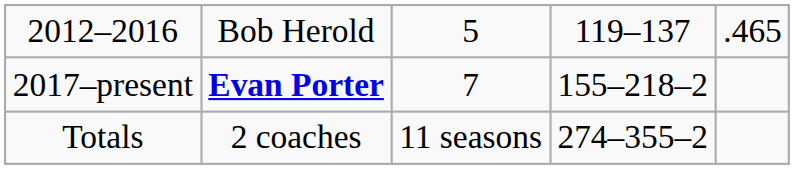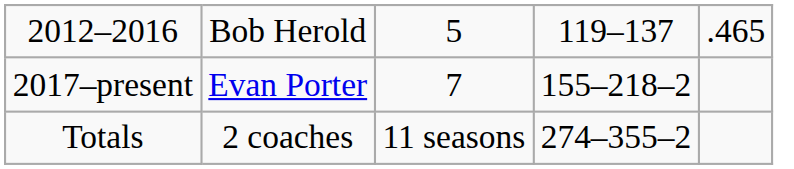 <table class="wikitable" style="text-align:center">
 <tr>
 <td>2012–2016</td>
 <td>Bob Herold</td>
 <td>5</td>
 <td>119–137</td>
 <td>.465</td>
 </tr>
 <tr>
 <td>2017–present</td>
-<td><strong><a href='#'>Evan Porter</a></strong></td>
+<td><a href='#'>Evan Porter</a></td>
 <td>7</td>
 <td>155–218–2</td>
 <td></td>
 </tr>
 <tr class="sortbottom">
 <td>Totals</td>
 <td>2 coaches</td>
 <td>11 seasons</td>
 <td>274–355–2</td>
 <td></td>
 </tr>
 </table>
